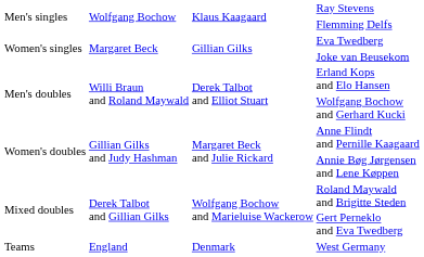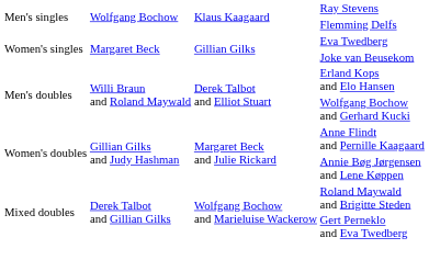 <table>
 <tr>
 <td rowspan=2>Men's singles</td>
 <td rowspan=2> <a href='#'>Wolfgang Bochow</a></td>
 <td rowspan=2> <a href='#'>Klaus Kaagaard</a></td>
 <td> <a href='#'>Ray Stevens</a></td>
 </tr>
 <tr>
 <td> <a href='#'>Flemming Delfs</a></td>
 </tr>
 <tr>
 <td rowspan=2>Women's singles</td>
 <td rowspan=2> <a href='#'>Margaret Beck</a></td>
 <td rowspan=2> <a href='#'>Gillian Gilks</a></td>
 <td> <a href='#'>Eva Twedberg</a></td>
 </tr>
 <tr>
 <td> <a href='#'>Joke van Beusekom</a></td>
 </tr>
 <tr>
 <td rowspan=2>Men's doubles</td>
 <td rowspan=2> <a href='#'>Willi Braun</a><br>and <a href='#'>Roland Maywald</a></td>
 <td rowspan=2> <a href='#'>Derek Talbot</a><br>and <a href='#'>Elliot Stuart</a></td>
 <td> <a href='#'>Erland Kops</a><br>and <a href='#'>Elo Hansen</a></td>
 </tr>
 <tr>
 <td> <a href='#'>Wolfgang Bochow</a><br>and <a href='#'>Gerhard Kucki</a></td>
 </tr>
 <tr>
 <td rowspan=2>Women's doubles</td>
 <td rowspan=2> <a href='#'>Gillian Gilks</a><br>and <a href='#'>Judy Hashman</a></td>
 <td rowspan=2> <a href='#'>Margaret Beck</a><br>and <a href='#'>Julie Rickard</a></td>
 <td> <a href='#'>Anne Flindt</a><br>and <a href='#'>Pernille Kaagaard</a></td>
 </tr>
 <tr>
 <td> <a href='#'>Annie Bøg Jørgensen</a><br>and <a href='#'>Lene Køppen</a></td>
 </tr>
 <tr>
 <td rowspan=2>Mixed doubles</td>
 <td rowspan=2> <a href='#'>Derek Talbot</a><br>and <a href='#'>Gillian Gilks</a></td>
 <td rowspan=2> <a href='#'>Wolfgang Bochow</a><br>and <a href='#'>Marieluise Wackerow</a></td>
 <td> <a href='#'>Roland Maywald</a><br>and <a href='#'>Brigitte Steden</a></td>
 </tr>
 <tr>
 <td> <a href='#'>Gert Perneklo</a><br>and <a href='#'>Eva Twedberg</a></td>
 </tr>
-<tr>
-<td>Teams</td>
-<td> <a href='#'>England</a></td>
-<td> <a href='#'>Denmark</a></td>
-<td> <a href='#'>West Germany</a></td>
-</tr>
 </table>
